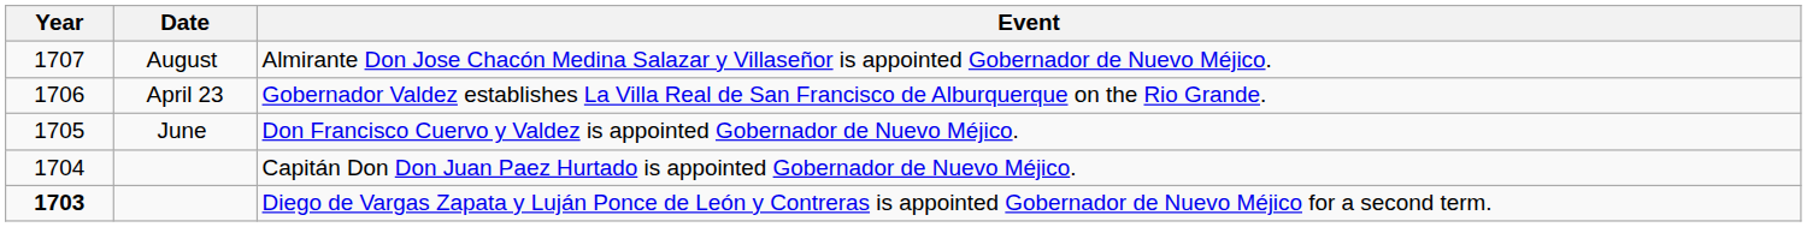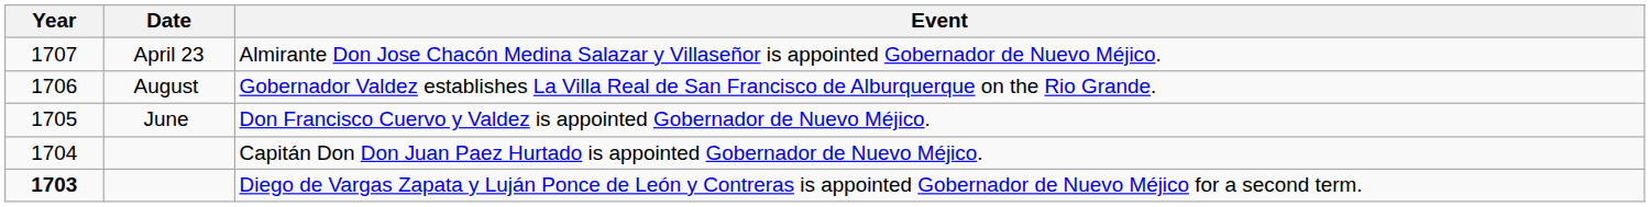 <table class="wikitable" style="width:100%;">
 <tr>
 <th style="width:6%">Year</th>
 <th style="width:8%">Date</th>
 <th style="width:86%">Event</th>
 </tr>
 <tr>
 <td align=center>1707</td>
-<td align=center>August </td>
+<td align=center>April 23</td>
 <td>Almirante <a href='#'>Don Jose Chacón Medina Salazar y Villaseñor</a> is appointed <a href='#'>Gobernador de Nuevo Méjico</a>.</td>
 </tr>
 <tr>
 <td align=center>1706</td>
-<td align=center>April 23</td>
+<td align=center>August </td>
 <td><a href='#'>Gobernador Valdez</a> establishes <a href='#'>La Villa Real de San Francisco de Alburquerque</a> on the <a href='#'>Rio Grande</a>.</td>
 </tr>
 <tr>
 <td align=center>1705</td>
 <td align=center>June </td>
 <td><a href='#'>Don Francisco Cuervo y Valdez</a> is appointed <a href='#'>Gobernador de Nuevo Méjico</a>.</td>
 </tr>
 <tr>
 <td align=center>1704</td>
 <td align=center> </td>
 <td>Capitán Don <a href='#'>Don Juan Paez Hurtado</a> is appointed <a href='#'>Gobernador de Nuevo Méjico</a>.</td>
 </tr>
 <tr>
 <td align=center><strong>1703</strong></td>
 <td align=center> </td>
 <td><a href='#'>Diego de Vargas Zapata y Luján Ponce de León y Contreras</a> is appointed <a href='#'>Gobernador de Nuevo Méjico</a> for a second term.</td>
 </tr>
 </table>
